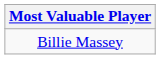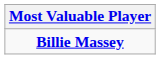 <table class=wikitable style="text-align:center; margin:auto">
 <tr>
 <th><a href='#'>Most Valuable Player</a></th>
 </tr>
 <tr>
-<td> <a href='#'>Billie Massey</a></td>
+<td><strong> <a href='#'>Billie Massey</a></strong></td>
 </tr>
 </table>
